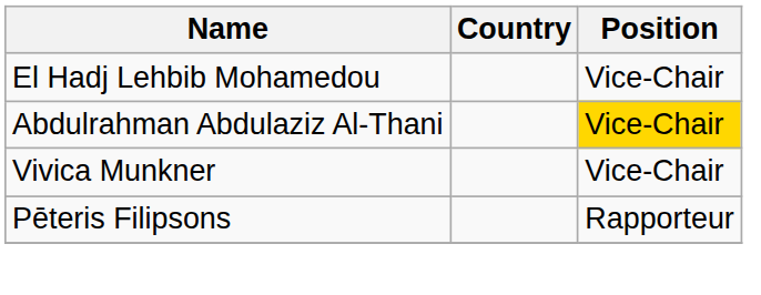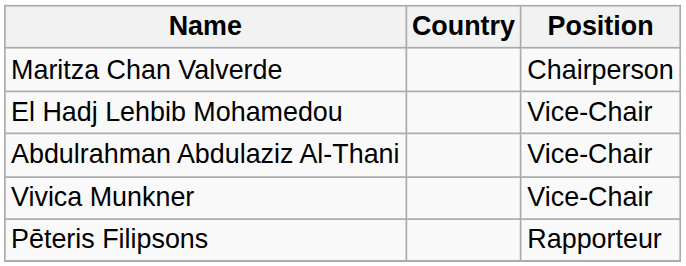 <table class="wikitable" style="display: inline-table;">
 <tr>
 <th>Name</th>
 <th>Country</th>
 <th>Position</th>
+</tr>
+<tr>
+<td>Maritza Chan Valverde</td>
+<td></td>
+<td>Chairperson</td>
 </tr>
 <tr>
 <td>El Hadj Lehbib Mohamedou</td>
 <td></td>
 <td>Vice-Chair</td>
 </tr>
 <tr>
 <td>Abdulrahman Abdulaziz Al-Thani</td>
 <td></td>
-<td style="background: gold;">Vice-Chair</td>
+<td>Vice-Chair</td>
 </tr>
 <tr>
 <td>Vivica Munkner</td>
 <td></td>
 <td>Vice-Chair</td>
 </tr>
 <tr>
 <td>Pēteris Filipsons</td>
 <td></td>
 <td>Rapporteur</td>
 </tr>
 <tr>
 </tr>
 </table>
